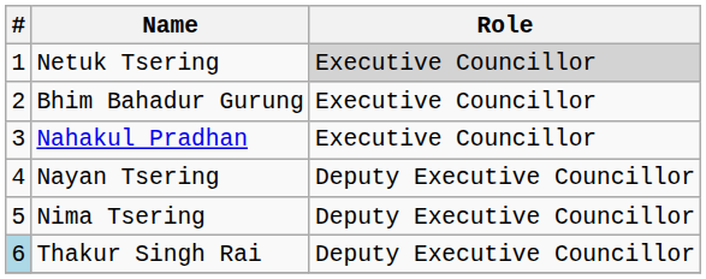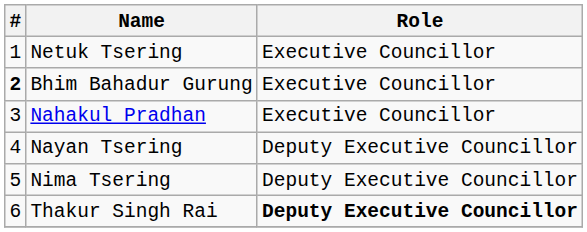 <table class="wikitable sortable">
 <tr>
 <th>#</th>
 <th>Name</th>
 <th>Role</th>
 </tr>
 <tr>
 <td>1</td>
 <td>Netuk Tsering</td>
-<td style="background: lightgrey;">Executive Councillor</td>
+<td>Executive Councillor</td>
 </tr>
 <tr>
-<td>2</td>
+<td><strong>2</strong></td>
 <td>Bhim Bahadur Gurung</td>
 <td>Executive Councillor</td>
 </tr>
 <tr>
 <td>3</td>
 <td><a href='#'>Nahakul Pradhan</a></td>
 <td>Executive Councillor</td>
 </tr>
 <tr>
 <td>4</td>
 <td>Nayan Tsering</td>
 <td>Deputy Executive Councillor</td>
 </tr>
 <tr>
 <td>5</td>
 <td>Nima Tsering</td>
 <td>Deputy Executive Councillor</td>
 </tr>
 <tr>
-<td style="background: lightblue;">6</td>
+<td>6</td>
 <td>Thakur Singh Rai</td>
-<td>Deputy Executive Councillor</td>
+<td><strong>Deputy Executive Councillor</strong></td>
 </tr>
 <tr>
 </tr>
 </table>
